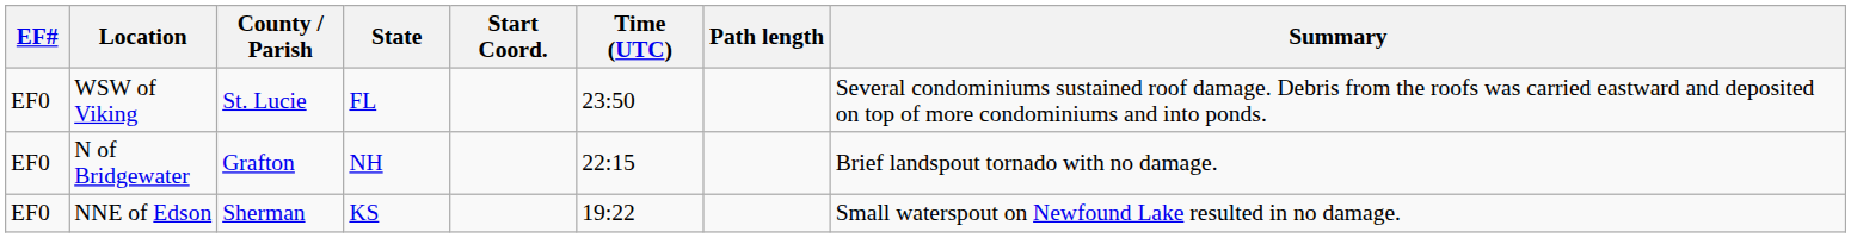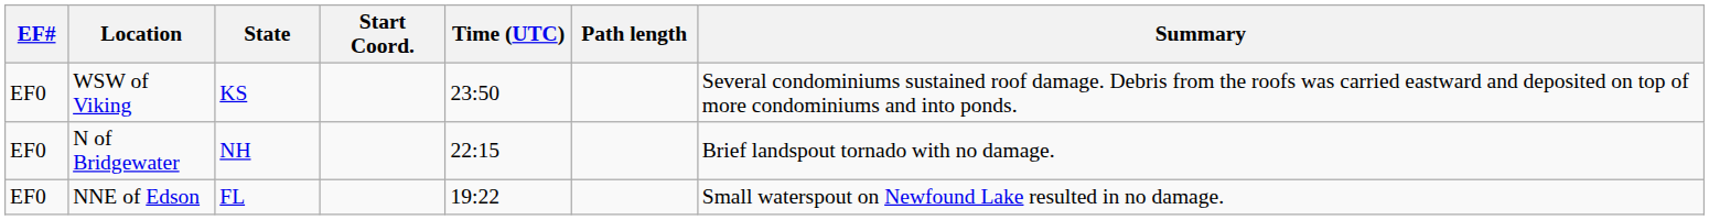 <table class="wikitable sortable" style="width:100%;">
 <tr>
 <th scope="col"  style="width:3%; text-align:center;"><a href='#'>EF#</a></th>
 <th scope="col"  style="width:7%; text-align:center;" class="unsortable">Location</th>
-<th scope="col"  style="width:6%; text-align:center;" class="unsortable">County / Parish</th>
 <th scope="col"  style="width:5%; text-align:center;">State</th>
 <th scope="col"  style="width:6%; text-align:center;">Start Coord.</th>
 <th scope="col"  style="width:6%; text-align:center;">Time (<a href='#'>UTC</a>)</th>
 <th scope="col"  style="width:6%; text-align:center;">Path length</th>
 <th scope="col" class="unsortable" style="width:48%; text-align:center;">Summary</th>
 </tr>
 <tr>
 <td>EF0</td>
 <td>WSW of <a href='#'>Viking</a></td>
-<td><a href='#'>St. Lucie</a></td>
-<td><a href='#'>FL</a></td>
+<td><a href='#'>KS</a></td>
 <td></td>
 <td>23:50</td>
 <td></td>
 <td>Several condominiums sustained roof damage. Debris from the roofs was carried eastward and deposited on top of more condominiums and into ponds.</td>
 </tr>
 <tr>
 <td>EF0</td>
 <td>N of <a href='#'>Bridgewater</a></td>
-<td><a href='#'>Grafton</a></td>
 <td><a href='#'>NH</a></td>
 <td></td>
 <td>22:15</td>
 <td></td>
 <td>Brief landspout tornado with no damage.</td>
 </tr>
 <tr>
 <td>EF0</td>
 <td>NNE of <a href='#'>Edson</a></td>
-<td><a href='#'>Sherman</a></td>
-<td><a href='#'>KS</a></td>
+<td><a href='#'>FL</a></td>
 <td></td>
 <td>19:22</td>
 <td></td>
 <td>Small waterspout on <a href='#'>Newfound Lake</a> resulted in no damage.</td>
 </tr>
 </table>
